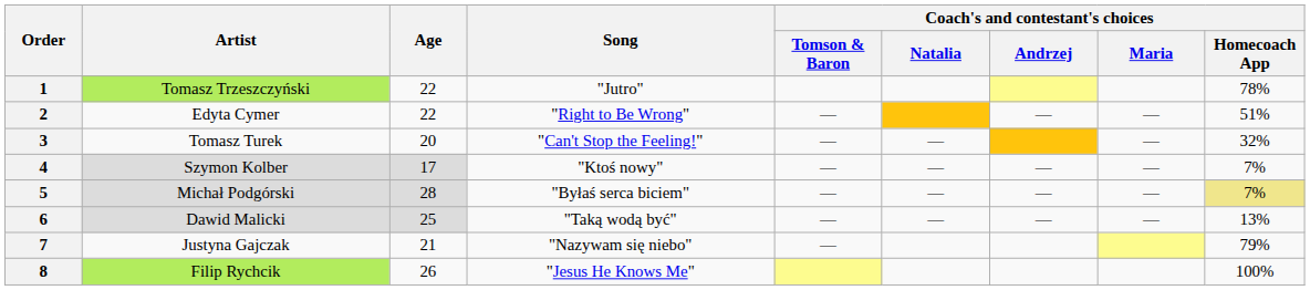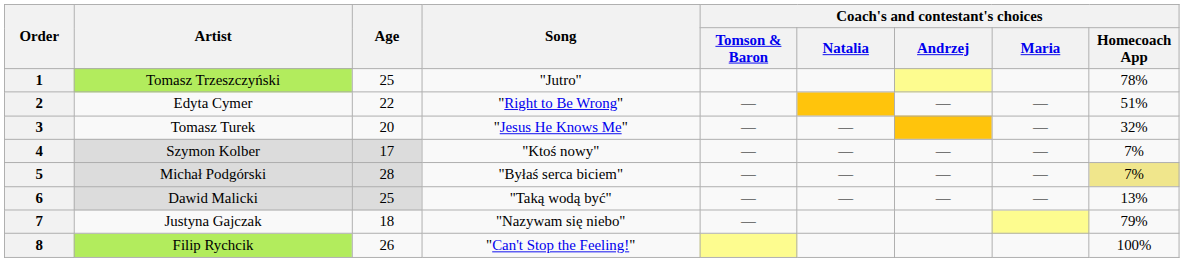 <table class="wikitable" style="text-align:center; width:100%;">
 <tr>
 <th scope="col" rowspan="2" style="width:05%;">Order</th>
 <th scope="col" rowspan="2" style="width:20%;">Artist</th>
 <th scope="col" rowspan="2" style="width:05%;">Age</th>
 <th scope="col" rowspan="2" style="width:20%;">Song</th>
 <th scope="col" colspan="5" style="width:32%;">Coach's and contestant's choices</th>
 </tr>
 <tr>
 <th style="width:07%;"><a href='#'>Tomson & Baron</a></th>
 <th style="width:07%;"><a href='#'>Natalia</a></th>
 <th style="width:07%;"><a href='#'>Andrzej</a></th>
 <th style="width:07%;"><a href='#'>Maria</a></th>
 <th style="width:04%;">Homecoach App</th>
 </tr>
 <tr>
 <th>1</th>
 <td style="background-color:#B2EC5D;">Tomasz Trzeszczyński</td>
-<td>22</td>
+<td>25</td>
 <td>"Jutro"</td>
 <td><strong></strong></td>
 <td><strong></strong></td>
 <td style="background:#fdfc8f;"><strong></strong></td>
 <td><strong></strong></td>
 <td>78%</td>
 </tr>
 <tr>
 <th>2</th>
 <td>Edyta Cymer</td>
 <td>22</td>
 <td>"<a href='#'>Right to Be Wrong</a>"</td>
 <td>—</td>
 <td style="background:#FFC40C;"><strong></strong></td>
 <td>—</td>
 <td>—</td>
 <td>51%</td>
 </tr>
 <tr>
 <th>3</th>
 <td>Tomasz Turek</td>
 <td>20</td>
-<td>"<a href='#'>Can't Stop the Feeling!</a>"</td>
+<td>"<a href='#'>Jesus He Knows Me</a>"</td>
 <td>—</td>
 <td>—</td>
 <td style="background:#FFC40C;"><strong></strong></td>
 <td>—</td>
 <td>32%</td>
 </tr>
 <tr>
 <th>4</th>
 <td style="background:#DCDCDC;">Szymon Kolber</td>
 <td style="background:#DCDCDC;">17</td>
 <td>"Ktoś nowy"</td>
 <td>—</td>
 <td>—</td>
 <td>—</td>
 <td>—</td>
 <td>7%</td>
 </tr>
 <tr>
 <th>5</th>
 <td style="background:#DCDCDC;">Michał Podgórski</td>
 <td style="background:#DCDCDC;">28</td>
 <td>"Byłaś serca biciem"</td>
 <td>—</td>
 <td>—</td>
 <td>—</td>
 <td>—</td>
 <td style="background: khaki;">7%</td>
 </tr>
 <tr>
 <th>6</th>
 <td style="background:#DCDCDC;">Dawid Malicki</td>
 <td style="background:#DCDCDC;">25</td>
 <td>"Taką wodą być"</td>
 <td>—</td>
 <td>—</td>
 <td>—</td>
 <td>—</td>
 <td>13%</td>
 </tr>
 <tr>
 <th>7</th>
 <td>Justyna Gajczak</td>
-<td>21</td>
+<td>18</td>
 <td>"Nazywam się niebo"</td>
 <td>—</td>
 <td><strong></strong></td>
 <td><strong></strong></td>
 <td style="background:#fdfc8f;"><strong></strong></td>
 <td>79%</td>
 </tr>
 <tr>
 <th>8</th>
 <td style="background-color:#B2EC5D;">Filip Rychcik</td>
 <td>26</td>
-<td>"<a href='#'>Jesus He Knows Me</a>"</td>
+<td>"<a href='#'>Can't Stop the Feeling!</a>"</td>
 <td style="background:#fdfc8f;"><strong></strong></td>
 <td><strong></strong></td>
 <td><strong></strong></td>
 <td><strong></strong></td>
 <td>100%</td>
 </tr>
 </table>
